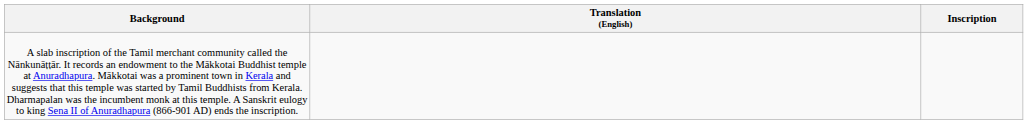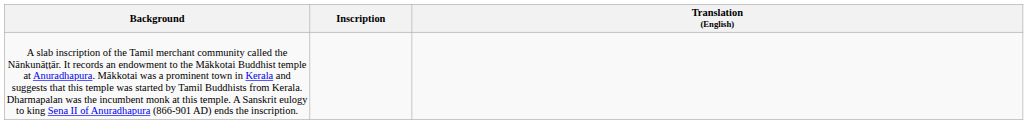 <table class="wikitable centre">
 <tr>
 <th scope="col" align=left>Background<br></th>
+<th>Inscription<br></th>
 <th>Translation<br><small>(English)</small></th>
-<th>Inscription<br></th>
 </tr>
 <tr>
 <td align=center width="30%"><br>A slab inscription of the Tamil merchant community called the Nānkunāṭṭār. It records an endowment to the Mākkotai Buddhist temple at <a href='#'>Anuradhapura</a>. Mākkotai was a prominent town in <a href='#'>Kerala</a> and suggests that this temple was started by Tamil Buddhists from Kerala.<br>Dharmapalan was the incumbent monk at this temple. A Sanskrit eulogy to king <a href='#'>Sena II of Anuradhapura</a> (866-901 AD) ends the inscription.</td>
+<td align=center width="10%"><br></td>
 <td align=left><br></td>
-<td align=center width="10%"><br></td>
 </tr>
 </table>
